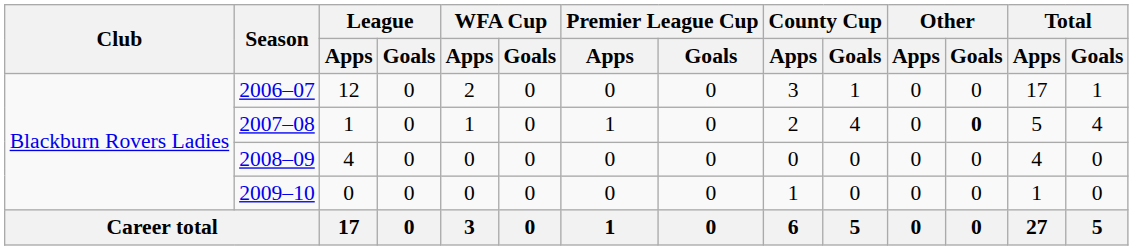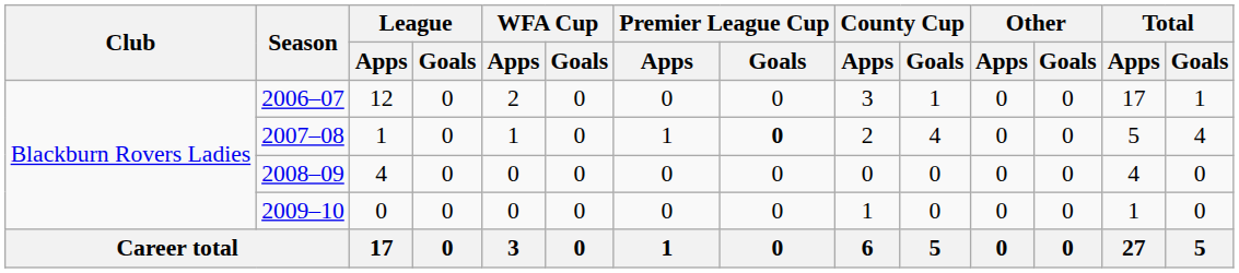 <table class="wikitable" border="1" style="text-align: center;">
 <tr>
 <th rowspan="2">Club</th>
 <th rowspan="2">Season</th>
 <th colspan="2">League</th>
 <th colspan="2">WFA Cup</th>
 <th colspan="2">Premier League Cup</th>
 <th colspan="2">County Cup</th>
 <th colspan="2">Other</th>
 <th colspan="2">Total</th>
 </tr>
 <tr>
 <th>Apps</th>
 <th>Goals</th>
 <th>Apps</th>
 <th>Goals</th>
 <th>Apps</th>
 <th>Goals</th>
 <th>Apps</th>
 <th>Goals</th>
 <th>Apps</th>
 <th>Goals</th>
 <th>Apps</th>
 <th>Goals</th>
 </tr>
 <tr>
 <td rowspan="4" valign="center"><a href='#'>Blackburn Rovers Ladies</a></td>
 <td><a href='#'>2006–07</a></td>
 <td>12</td>
 <td>0</td>
 <td>2</td>
 <td>0</td>
 <td>0</td>
 <td>0</td>
 <td>3</td>
 <td>1</td>
 <td>0</td>
 <td>0</td>
 <td>17</td>
 <td>1</td>
 </tr>
 <tr>
 <td><a href='#'>2007–08</a></td>
 <td>1</td>
 <td>0</td>
 <td>1</td>
 <td>0</td>
 <td>1</td>
-<td>0</td>
+<td><strong>0</strong></td>
 <td>2</td>
 <td>4</td>
 <td>0</td>
-<td><strong>0</strong></td>
+<td>0</td>
 <td>5</td>
 <td>4</td>
 </tr>
 <tr>
 <td><a href='#'>2008–09</a></td>
 <td>4</td>
 <td>0</td>
 <td>0</td>
 <td>0</td>
 <td>0</td>
 <td>0</td>
 <td>0</td>
 <td>0</td>
 <td>0</td>
 <td>0</td>
 <td>4</td>
 <td>0</td>
 </tr>
 <tr>
 <td><a href='#'>2009–10</a></td>
 <td>0</td>
 <td>0</td>
 <td>0</td>
 <td>0</td>
 <td>0</td>
 <td>0</td>
 <td>1</td>
 <td>0</td>
 <td>0</td>
 <td>0</td>
 <td>1</td>
 <td>0</td>
 </tr>
 <tr>
 <th colspan="2">Career total</th>
 <th>17</th>
 <th>0</th>
 <th>3</th>
 <th>0</th>
 <th>1</th>
 <th>0</th>
 <th>6</th>
 <th>5</th>
 <th>0</th>
 <th>0</th>
 <th>27</th>
 <th>5</th>
 </tr>
 </table>
